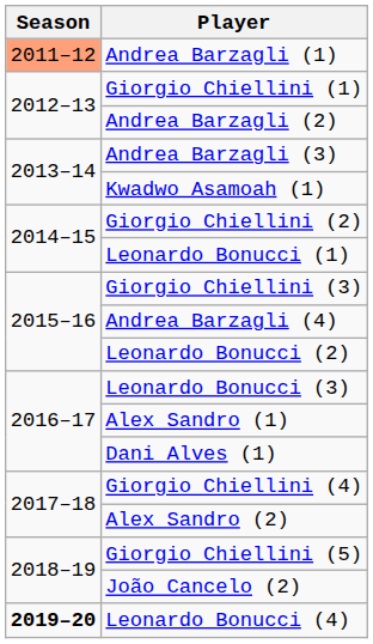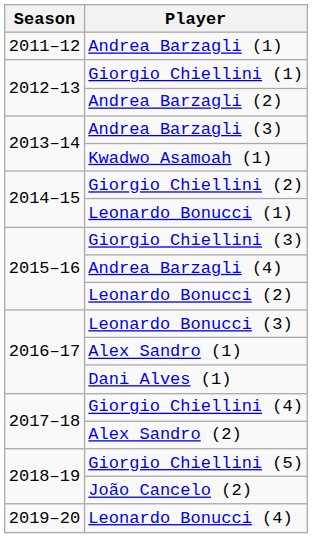 <table class="wikitable">
 <tr>
 <th>Season</th>
 <th>Player</th>
 </tr>
 <tr>
-<td style="background: lightsalmon;">2011–12</td>
+<td>2011–12</td>
 <td> <a href='#'>Andrea Barzagli</a> (1)</td>
 </tr>
 <tr>
 <td rowspan=2>2012–13</td>
 <td> <a href='#'>Giorgio Chiellini</a> (1)</td>
 </tr>
 <tr>
 <td> <a href='#'>Andrea Barzagli</a> (2)</td>
 </tr>
 <tr>
 <td rowspan=2>2013–14</td>
 <td> <a href='#'>Andrea Barzagli</a> (3)</td>
 </tr>
 <tr>
 <td> <a href='#'>Kwadwo Asamoah</a> (1)</td>
 </tr>
 <tr>
 <td rowspan=2>2014–15</td>
 <td> <a href='#'>Giorgio Chiellini</a> (2)</td>
 </tr>
 <tr>
 <td> <a href='#'>Leonardo Bonucci</a> (1)</td>
 </tr>
 <tr>
 <td rowspan=3>2015–16</td>
 <td> <a href='#'>Giorgio Chiellini</a> (3)</td>
 </tr>
 <tr>
 <td> <a href='#'>Andrea Barzagli</a> (4)</td>
 </tr>
 <tr>
 <td> <a href='#'>Leonardo Bonucci</a> (2)</td>
 </tr>
 <tr>
 <td rowspan=3>2016–17</td>
 <td> <a href='#'>Leonardo Bonucci</a> (3)</td>
 </tr>
 <tr>
 <td> <a href='#'>Alex Sandro</a> (1)</td>
 </tr>
 <tr>
 <td> <a href='#'>Dani Alves</a> (1)</td>
 </tr>
 <tr>
 <td rowspan=2>2017–18</td>
 <td> <a href='#'>Giorgio Chiellini</a> (4)</td>
 </tr>
 <tr>
 <td> <a href='#'>Alex Sandro</a> (2)</td>
 </tr>
 <tr>
 <td rowspan=2>2018–19</td>
 <td> <a href='#'>Giorgio Chiellini</a> (5)</td>
 </tr>
 <tr>
 <td> <a href='#'>João Cancelo</a> (2)</td>
 </tr>
 <tr>
-<td><strong>2019–20</strong></td>
+<td>2019–20</td>
 <td> <a href='#'>Leonardo Bonucci</a> (4)</td>
 </tr>
 </table>
